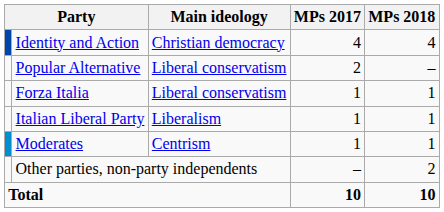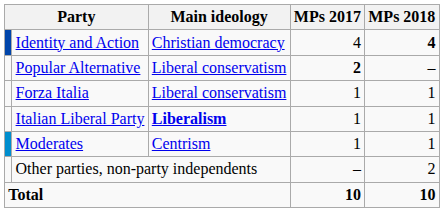 <table class="wikitable" style="font-size:100%">
 <tr>
 <th colspan=2>Party</th>
 <th>Main ideology</th>
 <th>MPs 2017</th>
 <th>MPs 2018</th>
 </tr>
 <tr>
 <td bgcolor="#0045AA"></td>
 <td><a href='#'>Identity and Action</a></td>
 <td><a href='#'>Christian democracy</a></td>
 <td align=right>4</td>
-<td align=right>4</td>
+<td align=right><strong>4</strong></td>
 </tr>
 <tr>
 <td></td>
 <td><a href='#'>Popular Alternative</a></td>
 <td><a href='#'>Liberal conservatism</a></td>
-<td align=right>2</td>
+<td align=right><strong>2</strong></td>
 <td align=right>–</td>
 </tr>
 <tr>
 <td></td>
 <td><a href='#'>Forza Italia</a></td>
 <td><a href='#'>Liberal conservatism</a></td>
 <td align=right>1</td>
 <td align=right>1</td>
 </tr>
 <tr>
 <td></td>
 <td><a href='#'>Italian Liberal Party</a></td>
-<td><a href='#'>Liberalism</a></td>
+<td><strong><a href='#'>Liberalism</a></strong></td>
 <td align=right>1</td>
 <td align=right>1</td>
 </tr>
 <tr>
 <td bgcolor="#008ECE"></td>
 <td><a href='#'>Moderates</a></td>
 <td><a href='#'>Centrism</a></td>
 <td align=right>1</td>
 <td align=right>1</td>
 </tr>
 <tr>
 <td></td>
 <td colspan=2>Other parties, non-party independents</td>
 <td align=right>–</td>
 <td align=right>2</td>
 </tr>
 <tr>
 <td colspan=3><strong>Total</strong></td>
 <td align=right><strong>10</strong></td>
 <td align=right><strong>10</strong></td>
 </tr>
 </table>
